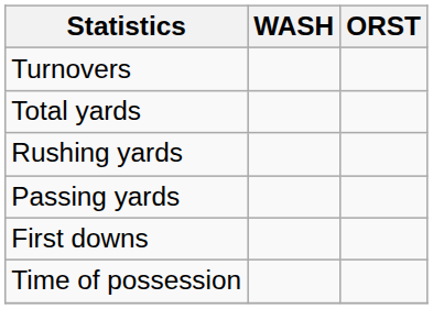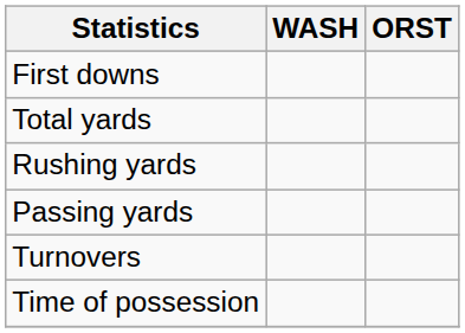 <table class="wikitable" style="float: left;">
 <tr>
 <th>Statistics</th>
 <th>WASH</th>
 <th>ORST</th>
 </tr>
 <tr>
-<td>Turnovers</td>
+<td>First downs</td>
 <td></td>
 <td></td>
 </tr>
 <tr>
 <td>Total yards</td>
 <td></td>
 <td></td>
 </tr>
 <tr>
 <td>Rushing yards</td>
 <td></td>
 <td></td>
 </tr>
 <tr>
 <td>Passing yards</td>
 <td></td>
 <td></td>
 </tr>
 <tr>
-<td>First downs</td>
+<td>Turnovers</td>
 <td></td>
 <td></td>
 </tr>
 <tr>
 <td>Time of possession</td>
 <td></td>
 <td></td>
 </tr>
 <tr>
 </tr>
 </table>
